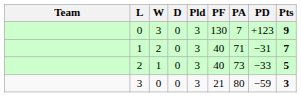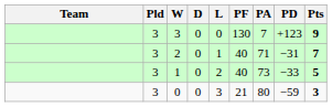 <table class="wikitable" style="text-align:center;">
 <tr>
 <th width=175>Team</th>
-<th width=20 abbr="Lost">L</th>
+<th width=20 abbr="Played">Pld</th>
 <th width=20 abbr="Won">W</th>
 <th width=20 abbr="Drawn">D</th>
-<th width=20 abbr="Played">Pld</th>
+<th width=20 abbr="Lost">L</th>
 <th width=20 abbr="Points for">PF</th>
 <th width=20 abbr="Points against">PA</th>
 <th width=25 abbr="Points difference">PD</th>
 <th width=20 abbr="Points">Pts</th>
 </tr>
 <tr style="background:#ccffcc">
 <td align=left></td>
-<td>0</td>
+<td>3</td>
 <td>3</td>
 <td>0</td>
-<td>3</td>
+<td>0</td>
 <td>130</td>
 <td>7</td>
 <td>+123</td>
 <td><strong>9</strong></td>
 </tr>
 <tr style="background:#ccffcc">
 <td align=left></td>
-<td>1</td>
+<td>3</td>
 <td>2</td>
 <td>0</td>
-<td>3</td>
+<td>1</td>
 <td>40</td>
 <td>71</td>
 <td>−31</td>
 <td><strong>7</strong></td>
 </tr>
 <tr style="background:#ccffcc">
 <td align=left></td>
-<td>2</td>
+<td>3</td>
 <td>1</td>
 <td>0</td>
-<td>3</td>
+<td>2</td>
 <td>40</td>
 <td>73</td>
 <td>−33</td>
 <td><strong>5</strong></td>
 </tr>
 <tr>
 <td align=left></td>
 <td>3</td>
 <td>0</td>
 <td>0</td>
 <td>3</td>
 <td>21</td>
 <td>80</td>
 <td>−59</td>
 <td><strong>3</strong></td>
 </tr>
 </table>
